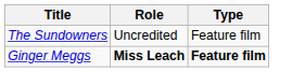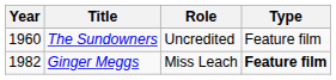 <table class="wikitable">
 <tr>
+<th>Year</th>
 <th>Title</th>
 <th>Role</th>
 <th>Type</th>
 </tr>
 <tr>
+<td>1960</td>
 <td><em><a href='#'>The Sundowners</a></em></td>
 <td>Uncredited</td>
 <td>Feature film</td>
 </tr>
 <tr>
+<td>1982</td>
 <td><em><a href='#'>Ginger Meggs</a></em></td>
-<td><strong>Miss Leach</strong></td>
+<td>Miss Leach</td>
 <td><strong>Feature film</strong></td>
 </tr>
 </table>
